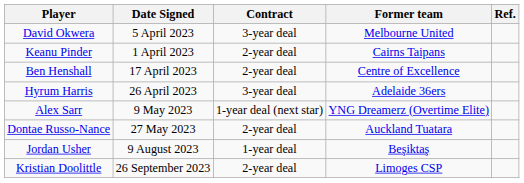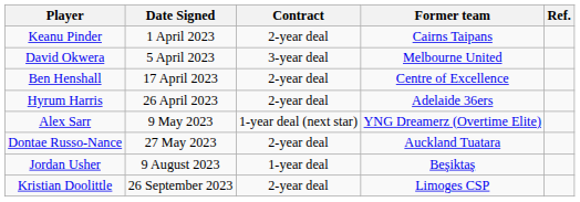 <table class="wikitable sortable sortable" style="text-align: center">
 <tr>
 <th>Player</th>
 <th>Date Signed</th>
 <th>Contract</th>
 <th>Former team</th>
 <th>Ref.</th>
 </tr>
 <tr>
+<td><a href='#'>Keanu Pinder</a></td>
+<td>1 April 2023</td>
+<td>2-year deal</td>
+<td><a href='#'>Cairns Taipans</a></td>
+<td></td>
+</tr>
+<tr>
 <td><a href='#'>David Okwera</a></td>
 <td>5 April 2023</td>
 <td>3-year deal</td>
 <td><a href='#'>Melbourne United</a></td>
-<td></td>
-</tr>
-<tr>
-<td><a href='#'>Keanu Pinder</a></td>
-<td>1 April 2023</td>
-<td>2-year deal</td>
-<td><a href='#'>Cairns Taipans</a></td>
 <td></td>
 </tr>
 <tr>
 <td><a href='#'>Ben Henshall</a></td>
 <td>17 April 2023</td>
 <td>2-year deal</td>
 <td><a href='#'>Centre of Excellence</a></td>
 <td></td>
 </tr>
 <tr>
 <td><a href='#'>Hyrum Harris</a></td>
 <td>26 April 2023</td>
-<td>3-year deal</td>
+<td>2-year deal</td>
 <td><a href='#'>Adelaide 36ers</a></td>
 <td></td>
 </tr>
 <tr>
 <td><a href='#'>Alex Sarr</a></td>
 <td>9 May 2023</td>
 <td>1-year deal (next star)</td>
 <td><a href='#'>YNG Dreamerz (Overtime Elite)</a></td>
 <td></td>
 </tr>
 <tr>
 <td><a href='#'>Dontae Russo-Nance</a></td>
 <td>27 May 2023</td>
 <td>2-year deal</td>
 <td><a href='#'>Auckland Tuatara</a></td>
 <td></td>
 </tr>
 <tr>
 <td><a href='#'>Jordan Usher</a></td>
 <td>9 August 2023</td>
 <td>1-year deal</td>
 <td><a href='#'>Beşiktaş</a></td>
 <td></td>
 </tr>
 <tr>
 <td><a href='#'>Kristian Doolittle</a></td>
 <td>26 September 2023</td>
 <td>2-year deal</td>
 <td><a href='#'>Limoges CSP</a></td>
 <td></td>
 </tr>
 </table>
